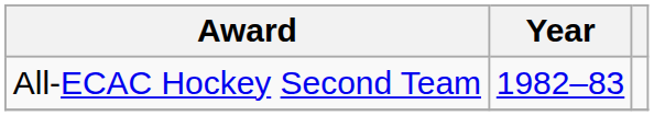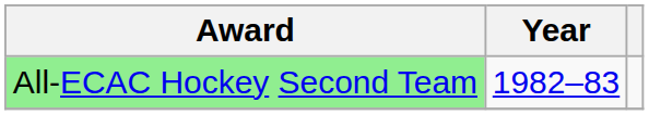 <table class="wikitable">
 <tr>
 <th>Award</th>
 <th>Year</th>
 <th></th>
 </tr>
 <tr>
-<td>All-<a href='#'>ECAC Hockey</a> <a href='#'>Second Team</a></td>
+<td style="background: lightgreen;">All-<a href='#'>ECAC Hockey</a> <a href='#'>Second Team</a></td>
 <td><a href='#'>1982–83</a></td>
 <td></td>
 </tr>
 <tr>
 </tr>
 </table>
